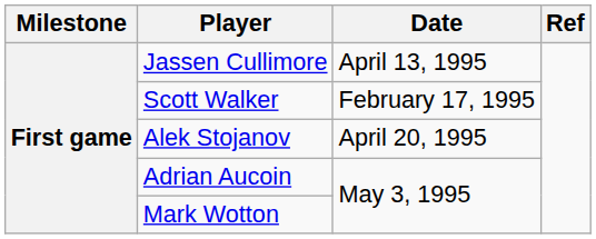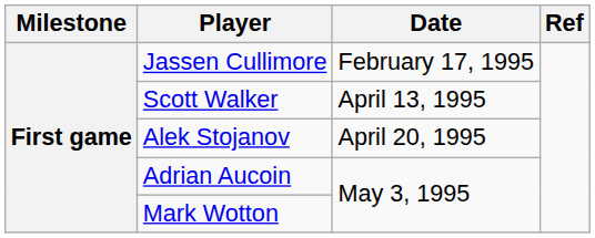 <table class="wikitable">
 <tr>
 <th scope="col">Milestone</th>
 <th scope="col">Player</th>
 <th scope="col">Date</th>
 <th scope="col">Ref</th>
 </tr>
 <tr>
 <th rowspan=5>First game</th>
 <td><a href='#'>Jassen Cullimore</a></td>
-<td>April 13, 1995</td>
+<td>February 17, 1995</td>
 <td rowspan=5></td>
 </tr>
 <tr>
 <td><a href='#'>Scott Walker</a></td>
-<td>February 17, 1995</td>
+<td>April 13, 1995</td>
 </tr>
 <tr>
 <td><a href='#'>Alek Stojanov</a></td>
 <td>April 20, 1995</td>
 </tr>
 <tr>
 <td><a href='#'>Adrian Aucoin</a></td>
 <td rowspan=2>May 3, 1995</td>
 </tr>
 <tr>
 <td><a href='#'>Mark Wotton</a></td>
 </tr>
 </table>
